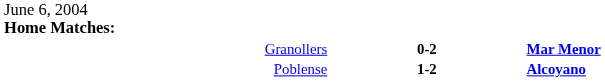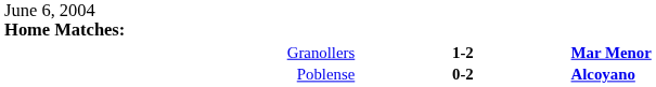 <table width=100% cellspacing=1>
 <tr>
 <th width=20%></th>
 <th width=12%></th>
 <th width=20%></th>
 <th></th>
 </tr>
 <tr>
 <td>June 6, 2004<br><strong>Home Matches:</strong></td>
 </tr>
 <tr style=font-size:90%>
 <td align=right><a href='#'>Granollers</a></td>
-<td align=center><strong>0-2</strong></td>
+<td align=center><strong>1-2</strong></td>
 <td><strong><a href='#'>Mar Menor</a></strong></td>
 </tr>
 <tr style=font-size:90%>
 <td align=right><a href='#'>Poblense</a></td>
-<td align=center><strong>1-2</strong></td>
+<td align=center><strong>0-2</strong></td>
 <td><strong><a href='#'>Alcoyano</a></strong></td>
 </tr>
 </table>
